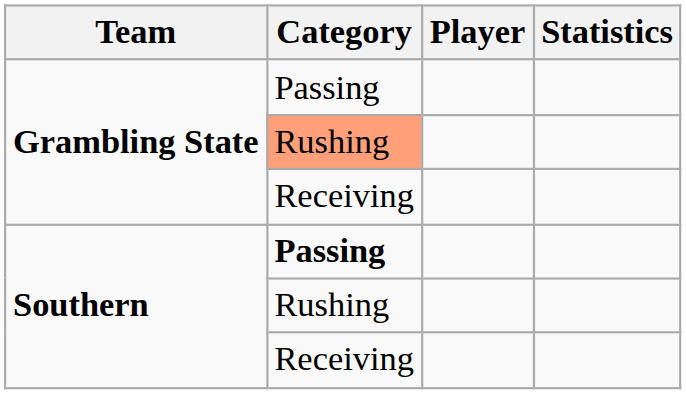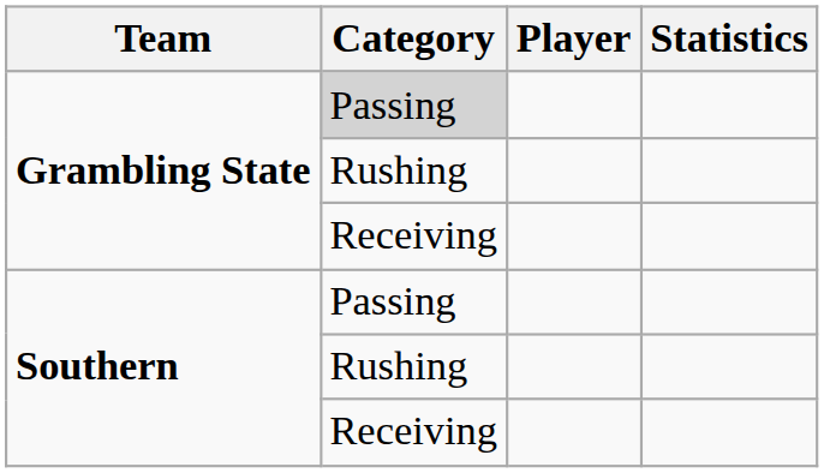 <table class="wikitable" style="float: left;">
 <tr>
 <th>Team</th>
 <th>Category</th>
 <th>Player</th>
 <th>Statistics</th>
 </tr>
 <tr>
 <td rowspan=3><strong>Grambling State</strong></td>
-<td>Passing</td>
+<td style="background: lightgrey;">Passing</td>
 <td> </td>
 <td> </td>
 </tr>
 <tr>
-<td style="background: lightsalmon;">Rushing</td>
+<td>Rushing</td>
 <td> </td>
 <td> </td>
 </tr>
 <tr>
 <td>Receiving</td>
 <td> </td>
 <td> </td>
 </tr>
 <tr>
 <td rowspan=3><strong>Southern</strong></td>
-<td><strong>Passing</strong></td>
+<td>Passing</td>
 <td> </td>
 <td> </td>
 </tr>
 <tr>
 <td>Rushing</td>
 <td> </td>
 <td> </td>
 </tr>
 <tr>
 <td>Receiving</td>
 <td> </td>
 <td> </td>
 </tr>
 </table>
